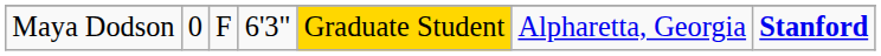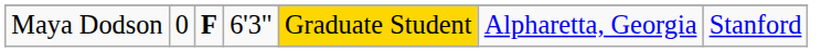 <table class="wikitable sortable" border="1" style="text-align: center;">
 <tr align=center>
 </tr>
 <tr>
 <td>Maya Dodson</td>
 <td>0</td>
-<td>F</td>
+<td><strong>F</strong></td>
 <td>6'3"</td>
 <td style="background: gold;">Graduate Student</td>
 <td><a href='#'>Alpharetta, Georgia</a></td>
-<td><strong><a href='#'>Stanford</a></strong></td>
+<td><a href='#'>Stanford</a></td>
 </tr>
 </table>
